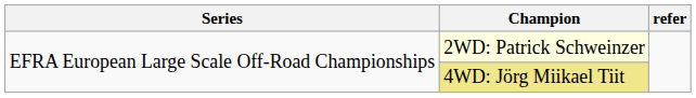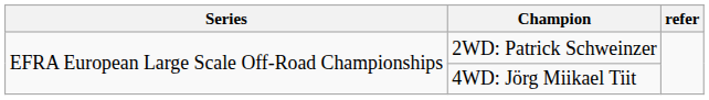 <table class="wikitable">
 <tr style="font-size:10pt;font-weight:bold">
 <th>Series</th>
 <th>Champion</th>
 <th>refer</th>
 </tr>
 <tr>
 <td rowspan=2>EFRA European Large Scale Off-Road Championships</td>
-<td style="background: lightyellow;">2WD:  Patrick Schweinzer</td>
+<td>2WD:  Patrick Schweinzer</td>
 <td rowspan=2></td>
 </tr>
 <tr>
-<td style="background: khaki;">4WD:  Jörg Miikael Tiit</td>
+<td>4WD:  Jörg Miikael Tiit</td>
 </tr>
 </table>
